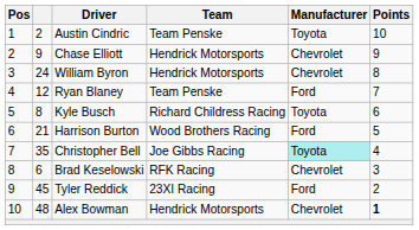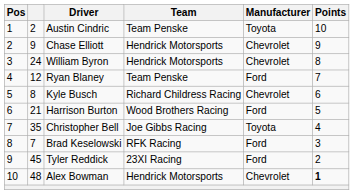 <table class="wikitable" style="font-size:98%">
 <tr>
 <th>Pos</th>
 <th></th>
 <th>Driver</th>
 <th>Team</th>
 <th>Manufacturer</th>
 <th>Points</th>
 </tr>
 <tr>
 <td>1</td>
 <td>2</td>
 <td>Austin Cindric</td>
 <td>Team Penske</td>
 <td>Toyota</td>
 <td>10</td>
 </tr>
 <tr>
 <td>2</td>
 <td>9</td>
 <td>Chase Elliott</td>
 <td>Hendrick Motorsports</td>
 <td>Chevrolet</td>
 <td>9</td>
 </tr>
 <tr>
 <td>3</td>
 <td>24</td>
 <td>William Byron</td>
 <td>Hendrick Motorsports</td>
 <td>Chevrolet</td>
 <td>8</td>
 </tr>
 <tr>
 <td>4</td>
 <td>12</td>
 <td>Ryan Blaney</td>
 <td>Team Penske</td>
 <td>Ford</td>
 <td>7</td>
 </tr>
 <tr>
 <td>5</td>
 <td>8</td>
 <td>Kyle Busch</td>
 <td>Richard Childress Racing</td>
-<td>Toyota</td>
+<td>Chevrolet</td>
 <td>6</td>
 </tr>
 <tr>
 <td>6</td>
 <td>21</td>
 <td>Harrison Burton</td>
 <td>Wood Brothers Racing</td>
 <td>Ford</td>
 <td>5</td>
 </tr>
 <tr>
 <td>7</td>
 <td>35</td>
 <td>Christopher Bell</td>
 <td>Joe Gibbs Racing</td>
-<td style="background: paleturquoise;">Toyota</td>
+<td>Toyota</td>
 <td>4</td>
 </tr>
 <tr>
 <td>8</td>
-<td>6</td>
+<td>7</td>
 <td>Brad Keselowski</td>
 <td>RFK Racing</td>
-<td>Chevrolet</td>
+<td>Ford</td>
 <td>3</td>
 </tr>
 <tr>
 <td>9</td>
 <td>45</td>
 <td>Tyler Reddick</td>
 <td>23XI Racing</td>
 <td>Ford</td>
 <td>2</td>
 </tr>
 <tr>
 <td>10</td>
 <td>48</td>
 <td>Alex Bowman</td>
 <td>Hendrick Motorsports</td>
 <td>Chevrolet</td>
 <td><strong>1</strong></td>
 </tr>
 <tr>
 <th colspan="6"></th>
 </tr>
 </table>
